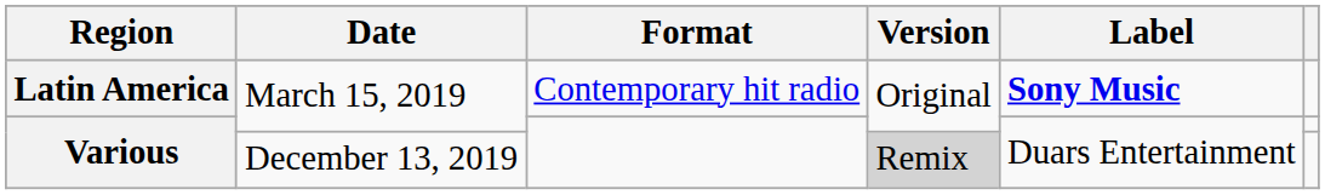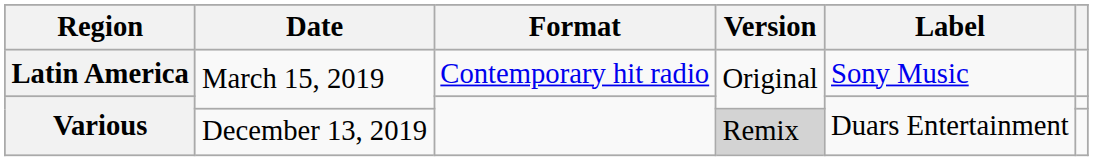 <table class="wikitable plainrowheaders">
 <tr>
 <th scope="col">Region</th>
 <th scope="col">Date</th>
 <th scope="col">Format</th>
 <th scope="col">Version</th>
 <th scope="col">Label</th>
 <th scope="col"></th>
 </tr>
 <tr>
 <th scope="row">Latin America</th>
 <td rowspan="2">March 15, 2019</td>
 <td><a href='#'>Contemporary hit radio</a></td>
 <td rowspan="2">Original</td>
-<td><strong><a href='#'>Sony Music</a></strong></td>
+<td><a href='#'>Sony Music</a></td>
 <td style="text-align:center;"></td>
 </tr>
 <tr>
 <th scope="row" rowspan="2">Various</th>
 <td rowspan="2"></td>
 <td rowspan="2">Duars Entertainment</td>
 <td style="text-align:center;"></td>
 </tr>
 <tr>
 <td>December 13, 2019</td>
 <td style="background: lightgrey;">Remix</td>
 <td style="text-align:center;"></td>
 </tr>
 </table>
